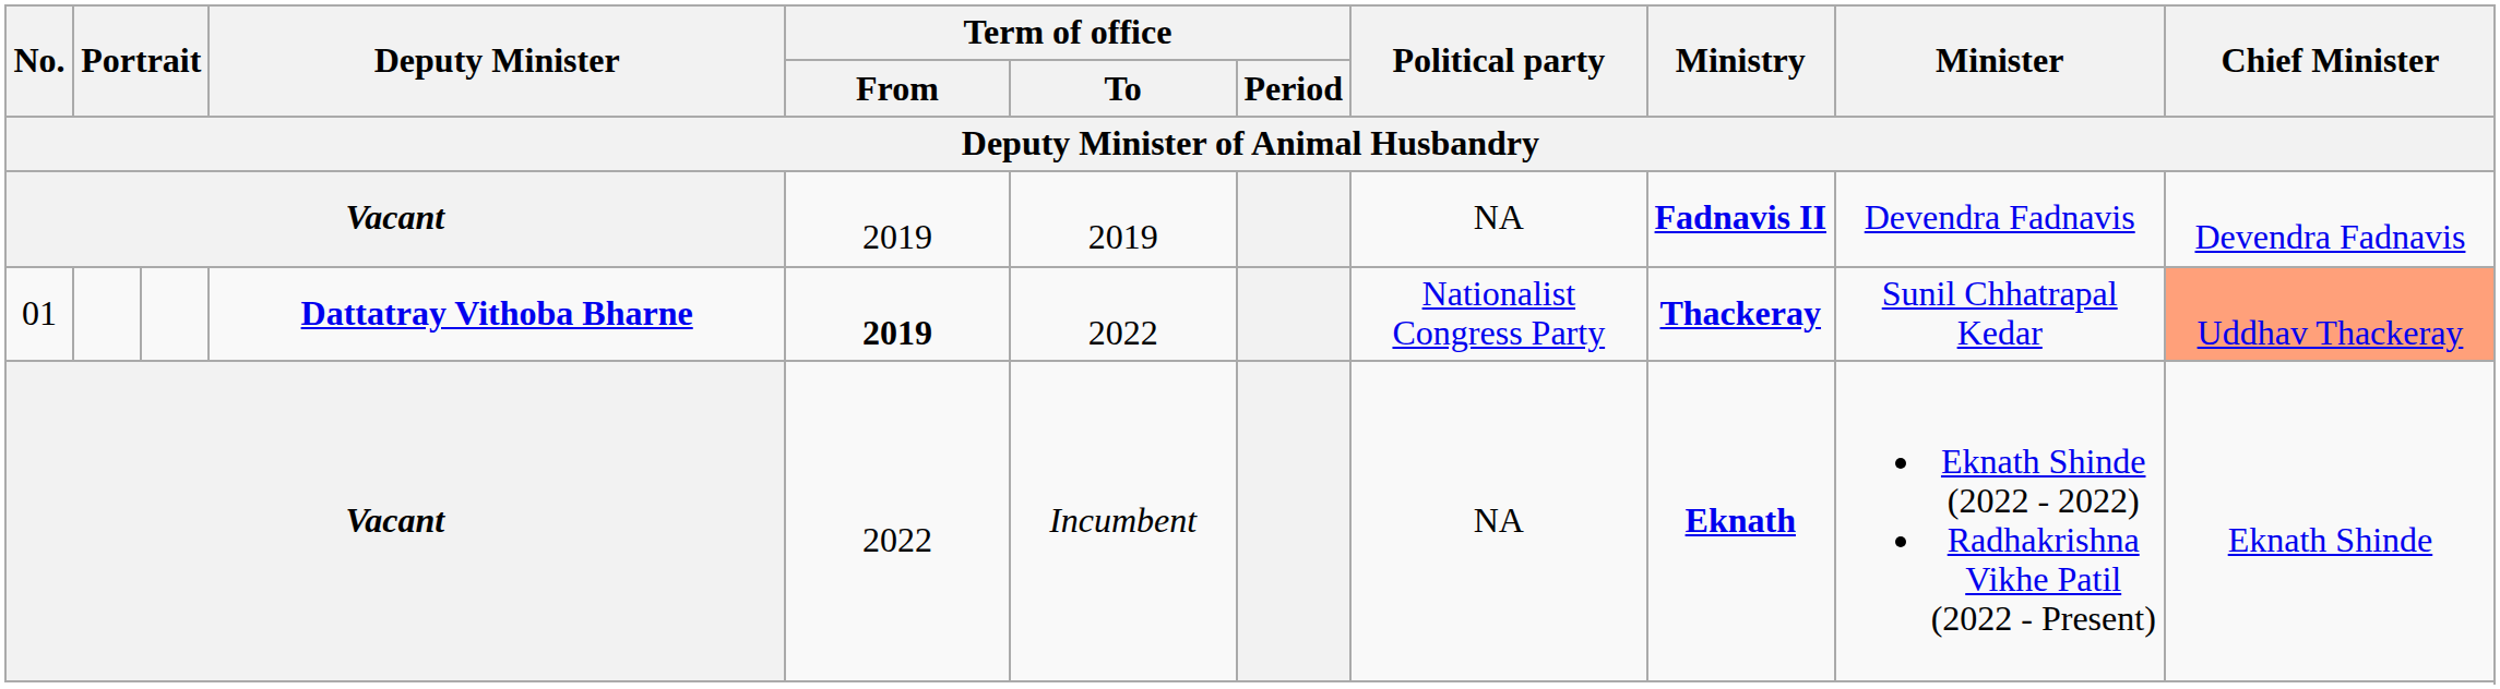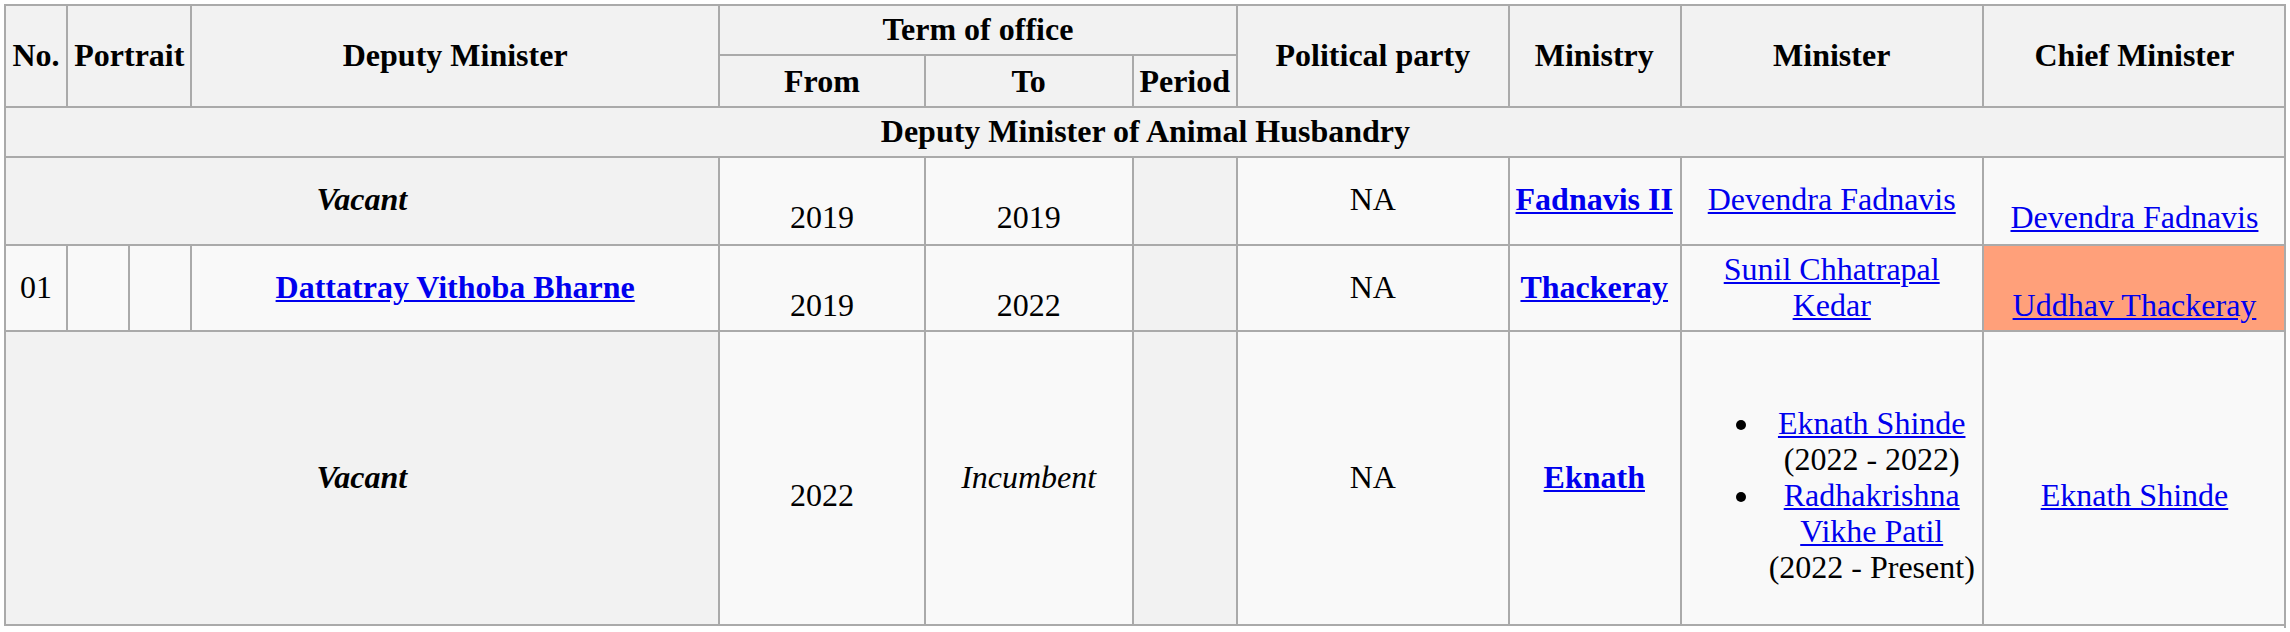 <table class="wikitable" style="text-align:center">
 <tr>
 <th rowspan="2">No.</th>
 <th rowspan="2" colspan="2">Portrait</th>
 <th rowspan="2" style="width:16em">Deputy Minister<br></th>
 <th colspan="3">Term of office</th>
 <th rowspan="2" style="width:8em">Political party</th>
 <th rowspan="2">Ministry</th>
 <th rowspan="2" style="width:9em">Minister</th>
 <th rowspan="2" style="width:9em">Chief Minister</th>
 </tr>
 <tr>
 <th style="width:6em">From</th>
 <th style="width:6em">To</th>
 <th>Period</th>
 </tr>
 <tr>
 <th colspan="11">Deputy Minister of Animal Husbandry</th>
 </tr>
 <tr>
 <th colspan="04"><strong><em>Vacant</em></strong></th>
 <td><br>2019</td>
 <td><br>2019</td>
 <th></th>
 <td>NA</td>
 <td rowspan="1"><a href='#'><strong>Fadnavis II</strong></a></td>
 <td><a href='#'>Devendra Fadnavis</a></td>
 <td rowspan="1"> <br><a href='#'>Devendra Fadnavis</a></td>
 </tr>
 <tr>
 <td>01</td>
 <td style="color:inherit;background:"></td>
 <td></td>
 <td><strong><a href='#'>Dattatray Vithoba Bharne</a></strong> <br> </td>
-<td><strong><br>2019</strong></td>
+<td><br>2019</td>
 <td><br>2022</td>
 <th></th>
-<td><a href='#'>Nationalist Congress Party</a></td>
+<td>NA</td>
 <td rowspan="1"><a href='#'><strong>Thackeray</strong></a></td>
 <td><a href='#'>Sunil Chhatrapal Kedar</a></td>
 <td rowspan="1" style="background: lightsalmon;"> <br><a href='#'>Uddhav Thackeray</a></td>
 </tr>
 <tr>
 <th colspan="04"><strong><em>Vacant </em></strong></th>
 <td><br>2022</td>
 <td><em>Incumbent</em></td>
 <th></th>
 <td>NA</td>
 <td rowspan="2"><a href='#'><strong>Eknath</strong></a></td>
 <td><br><ul><li><a href='#'>Eknath Shinde</a><br>(2022 - 2022)</li><li><a href='#'>Radhakrishna Vikhe Patil</a><br> (2022 - Present)</li></ul></td>
 <td rowspan="2"> <br><a href='#'>Eknath Shinde</a></td>
 </tr>
 <tr>
 </tr>
 </table>
